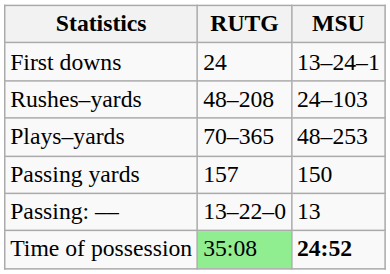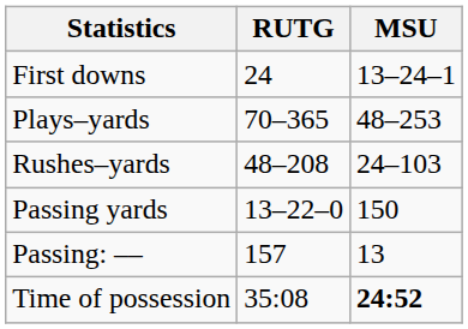 <table class="wikitable" style="float:left">
 <tr>
 <th>Statistics</th>
 <th>RUTG</th>
 <th>MSU</th>
 </tr>
 <tr>
 <td>First downs</td>
 <td>24</td>
 <td>13–24–1</td>
 </tr>
 <tr>
+<td>Plays–yards</td>
+<td>70–365</td>
+<td>48–253</td>
+</tr>
+<tr>
 <td>Rushes–yards</td>
 <td>48–208</td>
 <td>24–103</td>
 </tr>
 <tr>
-<td>Plays–yards</td>
-<td>70–365</td>
-<td>48–253</td>
-</tr>
-<tr>
 <td>Passing yards</td>
-<td>157</td>
+<td>13–22–0</td>
 <td>150</td>
 </tr>
 <tr>
 <td>Passing: ––</td>
-<td>13–22–0</td>
+<td>157</td>
 <td>13</td>
 </tr>
 <tr>
 <td>Time of possession</td>
-<td style="background: lightgreen;">35:08</td>
+<td>35:08</td>
 <td><strong>24:52</strong></td>
 </tr>
 </table>
